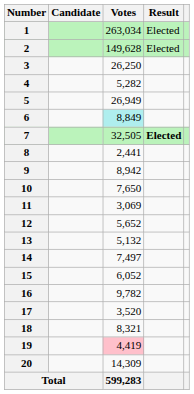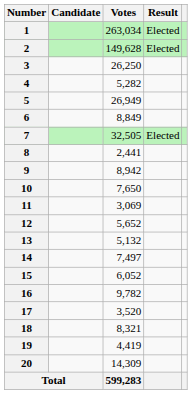 <table class="wikitable sortable">
 <tr>
 <th scope="col">Number</th>
 <th scope="col">Candidate</th>
 <th scope="col">Votes</th>
 <th scope="col">Result</th>
 <th scope="col" class="unsortable"></th>
 </tr>
 <tr bgcolor=bbf3bb>
 <th scope="row">1</th>
 <td></td>
 <td style="text-align:right">263,034</td>
 <td>Elected</td>
 <td></td>
 </tr>
 <tr bgcolor=bbf3bb>
 <th scope="row">2</th>
 <td></td>
 <td style="text-align:right">149,628</td>
 <td>Elected</td>
 <td></td>
 </tr>
 <tr>
 <th scope="row">3</th>
 <td></td>
 <td style="text-align:right">26,250</td>
 <td></td>
 <td></td>
 </tr>
 <tr>
 <th scope="row">4</th>
 <td></td>
 <td style="text-align:right">5,282</td>
 <td></td>
 <td></td>
 </tr>
 <tr>
 <th scope="row">5</th>
 <td></td>
 <td style="text-align:right">26,949</td>
 <td></td>
 <td></td>
 </tr>
 <tr>
 <th scope="row">6</th>
 <td></td>
-<td style="background: paleturquoise; text-align:right">8,849</td>
+<td style="text-align:right">8,849</td>
 <td></td>
 <td></td>
 </tr>
 <tr bgcolor=bbf3bb>
 <th scope="row">7</th>
 <td></td>
 <td style="text-align:right">32,505</td>
-<td><strong>Elected</strong></td>
+<td>Elected</td>
 <td></td>
 </tr>
 <tr>
 <th scope="row">8</th>
 <td></td>
 <td style="text-align:right">2,441</td>
 <td></td>
 <td></td>
 </tr>
 <tr>
 <th scope="row">9</th>
 <td></td>
 <td style="text-align:right">8,942</td>
 <td></td>
 <td></td>
 </tr>
 <tr>
 <th scope="row">10</th>
 <td></td>
 <td style="text-align:right">7,650</td>
 <td></td>
 <td></td>
 </tr>
 <tr>
 <th scope="row">11</th>
 <td></td>
 <td style="text-align:right">3,069</td>
 <td></td>
 <td></td>
 </tr>
 <tr>
 <th scope="row">12</th>
 <td></td>
 <td style="text-align:right">5,652</td>
 <td></td>
 <td></td>
 </tr>
 <tr>
 <th scope="row">13</th>
 <td></td>
 <td style="text-align:right">5,132</td>
 <td></td>
 <td></td>
 </tr>
 <tr>
 <th scope="row">14</th>
 <td></td>
 <td style="text-align:right">7,497</td>
 <td></td>
 <td></td>
 </tr>
 <tr>
 <th scope="row">15</th>
 <td></td>
 <td style="text-align:right">6,052</td>
 <td></td>
 <td></td>
 </tr>
 <tr>
 <th scope="row">16</th>
 <td></td>
 <td style="text-align:right">9,782</td>
 <td></td>
 <td></td>
 </tr>
 <tr>
 <th scope="row">17</th>
 <td></td>
 <td style="text-align:right">3,520</td>
 <td></td>
 <td></td>
 </tr>
 <tr>
 <th scope="row">18</th>
 <td></td>
 <td style="text-align:right">8,321</td>
 <td></td>
 <td></td>
 </tr>
 <tr>
 <th scope="row">19</th>
 <td></td>
-<td style="background: pink; text-align:right">4,419</td>
+<td style="text-align:right">4,419</td>
 <td></td>
 <td></td>
 </tr>
 <tr>
 <th scope="row">20</th>
 <td></td>
 <td style="text-align:right">14,309</td>
 <td></td>
 <td></td>
 </tr>
 <tr class="sortbottom">
 <th scope="row" colspan="2">Total</th>
 <th style="text-align:right">599,283</th>
 <th></th>
 <th></th>
 </tr>
 </table>
